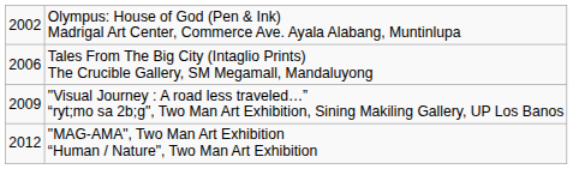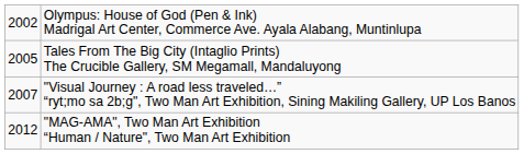 <table class="wikitable">
 <tr>
 <td>2002</td>
 <td>Olympus: House of God (Pen & Ink)<br>Madrigal Art Center, Commerce Ave. Ayala Alabang, Muntinlupa </td>
 </tr>
 <tr>
-<td>2006</td>
+<td>2005</td>
 <td>Tales From The Big City (Intaglio Prints)<br>The Crucible Gallery, SM Megamall, Mandaluyong</td>
 </tr>
 <tr>
-<td>2009</td>
+<td>2007</td>
 <td>"Visual Journey : A road less traveled…”<br>“ryt;mo sa 2b;g", Two Man Art Exhibition, Sining Makiling Gallery, UP Los Banos</td>
 </tr>
 <tr>
 <td>2012</td>
 <td>"MAG-AMA", Two Man Art Exhibition<br>“Human / Nature", Two Man Art Exhibition</td>
 </tr>
 </table>
